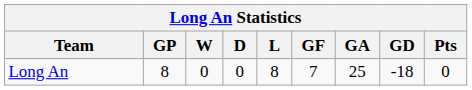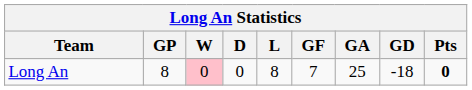 <table width=70% class="wikitable" style="text-align:center;">
 <tr>
 <th colspan=9><a href='#'>Long An</a> Statistics</th>
 </tr>
 <tr>
 <th width=20%>Team</th>
 <th width=5%>GP</th>
 <th width=5%>W</th>
 <th width=5%>D</th>
 <th width=5%>L</th>
 <th width=5%>GF</th>
 <th width=5%>GA</th>
 <th width=5%>GD</th>
 <th width=5%>Pts</th>
 </tr>
 <tr>
 <td style="text-align:left;"> <a href='#'>Long An</a></td>
 <td>8</td>
-<td>0</td>
+<td style="background: pink;">0</td>
 <td>0</td>
 <td>8</td>
 <td>7</td>
 <td>25</td>
 <td>-18</td>
-<td>0</td>
+<td><strong>0</strong></td>
 </tr>
 </table>
